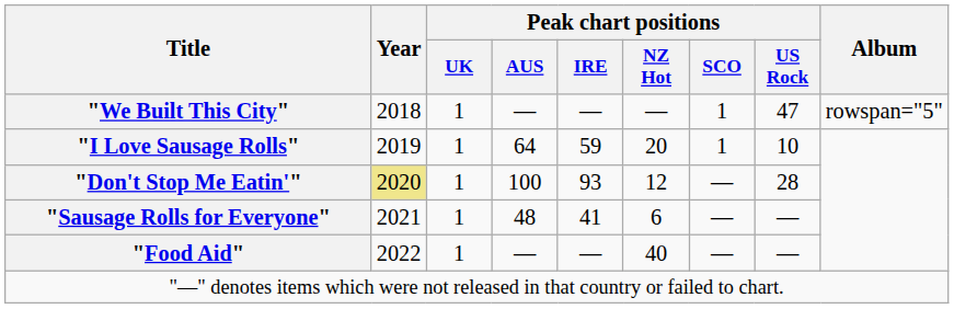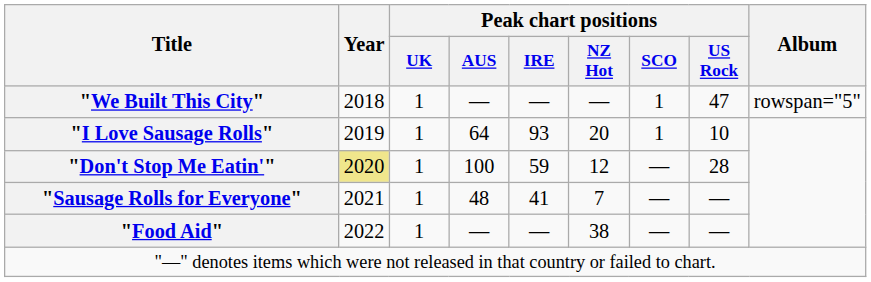 <table class="wikitable plainrowheaders" style="text-align:center;">
 <tr>
 <th scope="col" rowspan="2" style="width:16em;">Title</th>
 <th scope="col" rowspan="2" style="width:1em;">Year</th>
 <th scope="col" colspan="6">Peak chart positions</th>
 <th scope="col" rowspan="2">Album</th>
 </tr>
 <tr>
 <th scope="col" style="width:3em;font-size:85%;"><a href='#'>UK</a><br></th>
 <th scope="col" style="width:3em;font-size:85%;"><a href='#'>AUS</a><br></th>
 <th scope="col" style="width:3em;font-size:85%;"><a href='#'>IRE</a><br></th>
 <th scope="col" style="width:3em;font-size:85%;"><a href='#'>NZ<br>Hot</a><br></th>
 <th scope="col" style="width:3em;font-size:85%;"><a href='#'>SCO</a><br></th>
 <th scope="col" style="width:3em;font-size:85%;"><a href='#'>US<br>Rock</a><br></th>
 </tr>
 <tr>
 <th scope="row">"<a href='#'>We Built This City</a>"</th>
 <td>2018</td>
 <td>1</td>
 <td>—</td>
 <td>—</td>
 <td>—</td>
 <td>1</td>
 <td>47</td>
 <td>rowspan="5" </td>
 </tr>
 <tr>
 <th scope="row">"<a href='#'>I Love Sausage Rolls</a>"</th>
 <td>2019</td>
 <td>1</td>
 <td>64</td>
-<td>59</td>
+<td>93</td>
 <td>20</td>
 <td>1</td>
 <td>10</td>
 </tr>
 <tr>
 <th scope="row">"<a href='#'>Don't Stop Me Eatin'</a>"<br></th>
 <td style="background: khaki;">2020</td>
 <td>1</td>
 <td>100</td>
-<td>93</td>
+<td>59</td>
 <td>12</td>
 <td>—</td>
 <td>28</td>
 </tr>
 <tr>
 <th scope="row">"<a href='#'>Sausage Rolls for Everyone</a>"<br></th>
 <td>2021</td>
 <td>1</td>
 <td>48<br></td>
 <td>41</td>
-<td>6</td>
+<td>7</td>
 <td>—</td>
 <td>—</td>
 </tr>
 <tr>
 <th scope="row">"<a href='#'>Food Aid</a>" <br></th>
 <td>2022</td>
 <td>1</td>
 <td>—</td>
 <td>—</td>
-<td>40</td>
+<td>38</td>
 <td>—</td>
 <td>—</td>
 </tr>
 <tr>
 <td colspan="9" style="font-size:90%;">"—" denotes items which were not released in that country or failed to chart.</td>
 </tr>
 </table>
